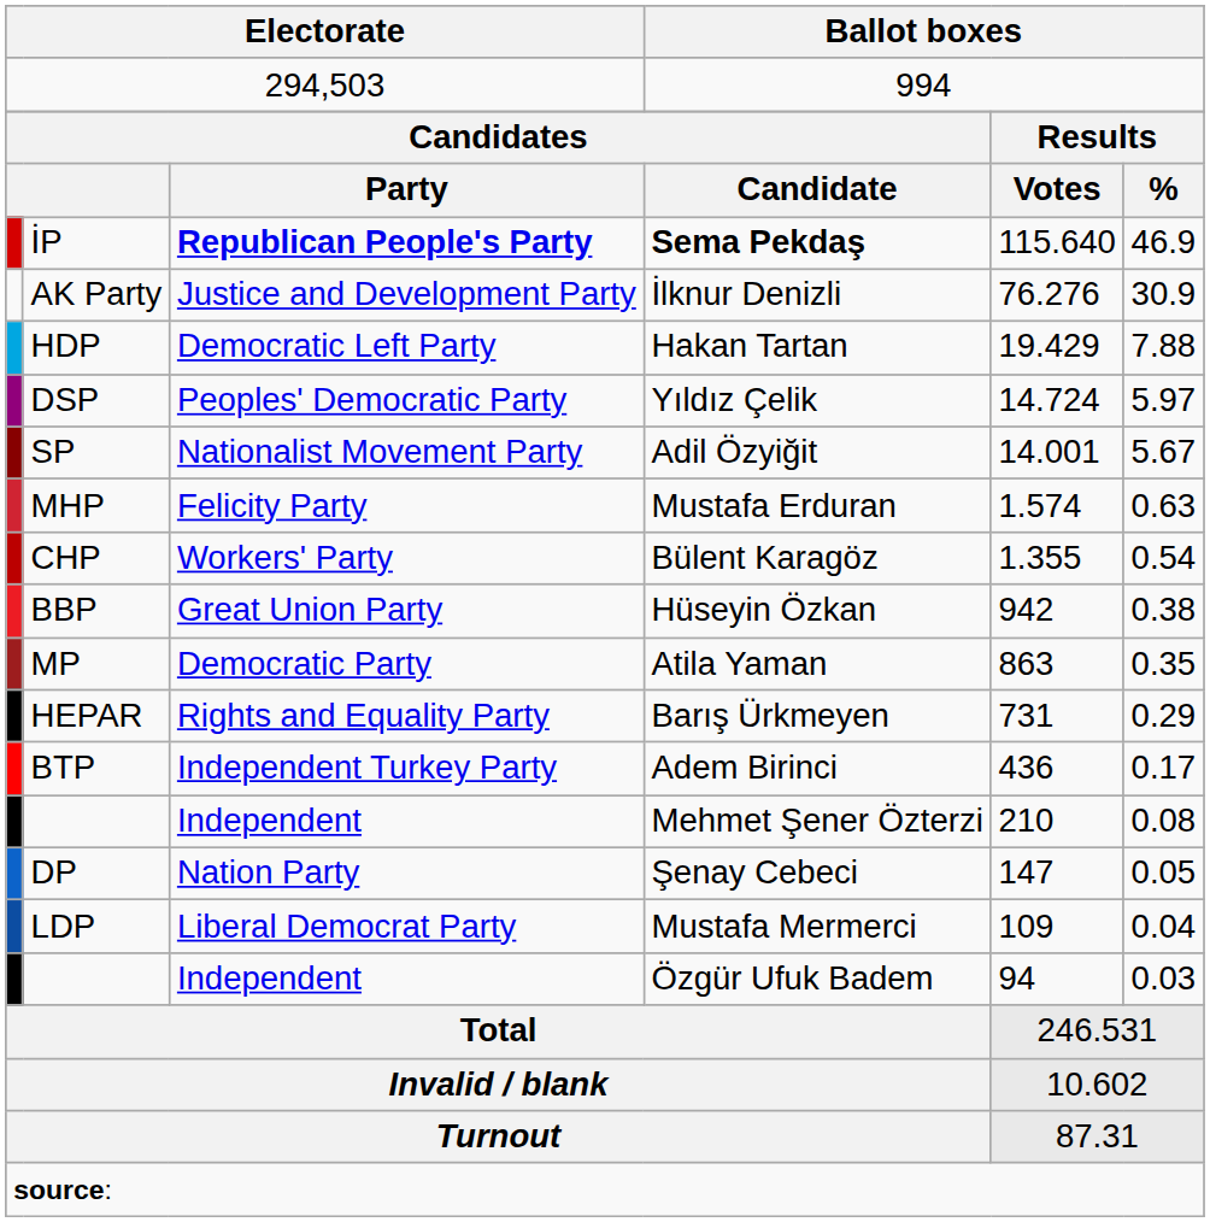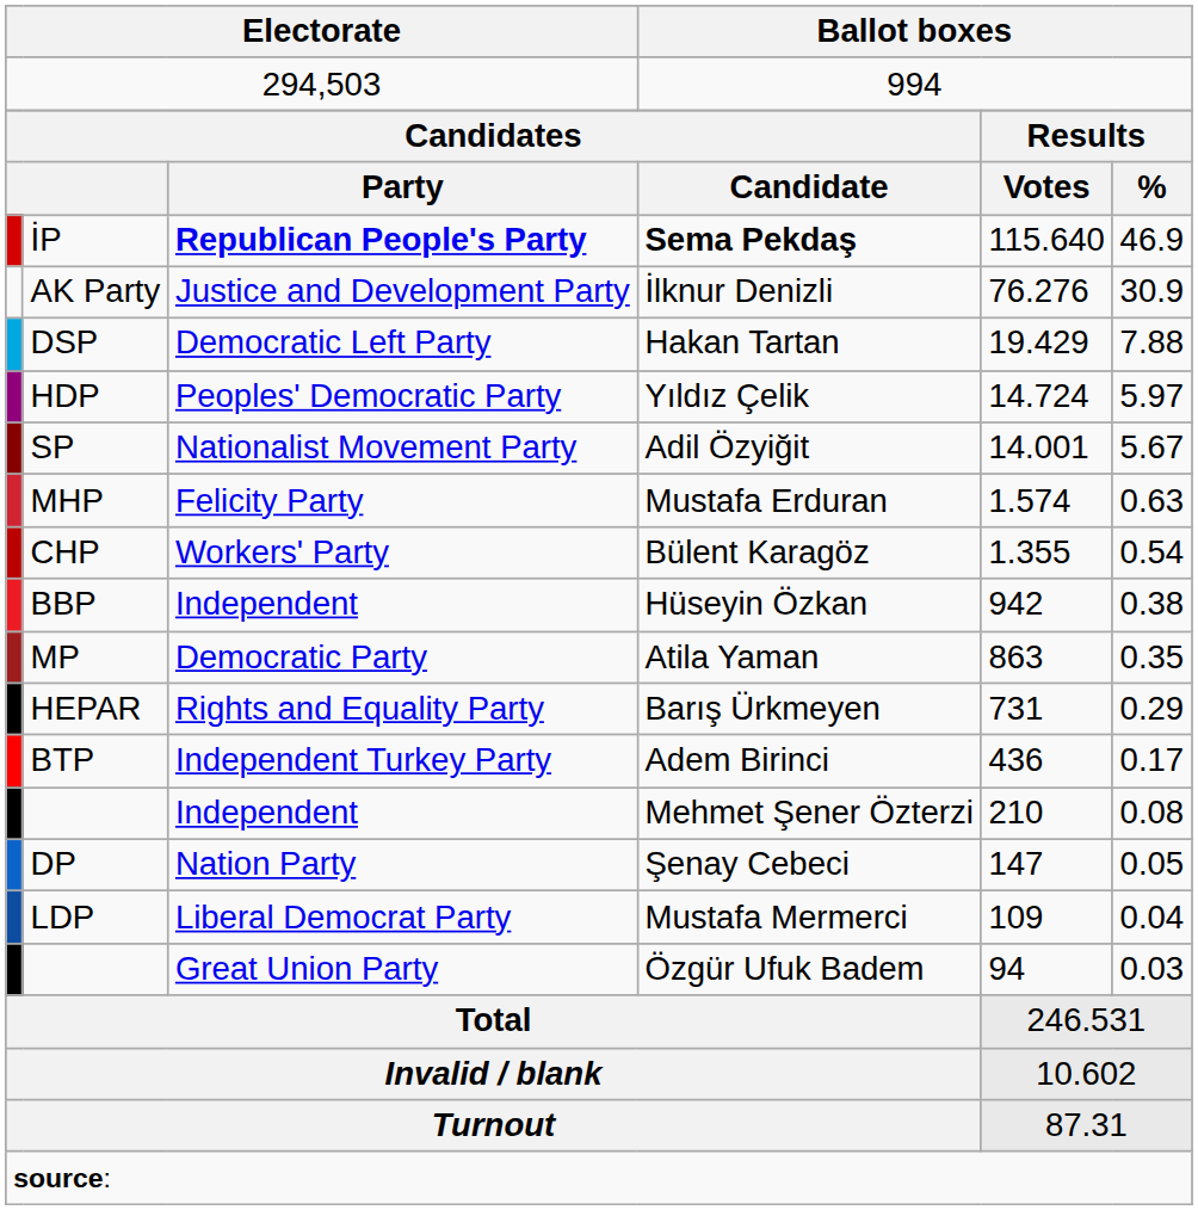 <table class="wikitable">
 <tr style="background-color:#F2F2F2">
 <td align="center" colspan="3"><strong>Electorate</strong></td>
 <td align="center" colspan="7"><strong>Ballot boxes</strong></td>
 </tr>
 <tr align="left">
 <td align="center" colspan="3">294,503</td>
 <td align="center" colspan="7">994</td>
 </tr>
 <tr>
 </tr>
 <tr style="background-color:#E9E9E9">
 </tr>
 <tr>
 <th align="center" colspan="4">Candidates</th>
 <th align="center" colspan="6">Results</th>
 </tr>
 <tr style="background-color:#E9E9E9">
 <th align="center" colspan="2"></th>
 <th align="center">Party</th>
 <th align="center">Candidate</th>
 <th align="center">Votes</th>
 <th align="center">%</th>
 </tr>
 <tr align="left">
 <td bgcolor="#d50000" width=1></td>
 <td>İP</td>
 <td><strong><a href='#'>Republican People's Party</a></strong></td>
 <td><strong>Sema Pekdaş</strong></td>
 <td>115.640</td>
 <td>46.9</td>
 </tr>
 <tr align="left">
 <td></td>
 <td>AK Party</td>
 <td><a href='#'>Justice and Development Party</a></td>
 <td>İlknur Denizli</td>
 <td>76.276</td>
 <td>30.9</td>
 </tr>
 <tr align="left">
 <td bgcolor="#01A7E1" width=1></td>
-<td>HDP</td>
+<td>DSP</td>
 <td><a href='#'>Democratic Left Party</a></td>
 <td>Hakan Tartan</td>
 <td>19.429</td>
 <td>7.88</td>
 </tr>
 <tr align="left">
 <td bgcolor="#91007B" width=1></td>
-<td>DSP</td>
+<td>HDP</td>
 <td><a href='#'>Peoples' Democratic Party</a></td>
 <td>Yıldız Çelik</td>
 <td>14.724</td>
 <td>5.97</td>
 </tr>
 <tr align="left">
 <td bgcolor="#870000" width=1></td>
 <td>SP</td>
 <td><a href='#'>Nationalist Movement Party</a></td>
 <td>Adil Özyiğit</td>
 <td>14.001</td>
 <td>5.67</td>
 </tr>
 <tr align="left">
 <td bgcolor="#D02433" width=1></td>
 <td>MHP</td>
 <td><a href='#'>Felicity Party</a></td>
 <td>Mustafa Erduran</td>
 <td>1.574</td>
 <td>0.63</td>
 </tr>
 <tr align="left">
 <td bgcolor="#BB0000" width=1></td>
 <td>CHP</td>
 <td><a href='#'>Workers' Party</a></td>
 <td>Bülent Karagöz</td>
 <td>1.355</td>
 <td>0.54</td>
 </tr>
 <tr align="left">
 <td bgcolor="#ED1C24" width=1></td>
 <td>BBP</td>
-<td><a href='#'>Great Union Party</a></td>
+<td><a href='#'>Independent</a></td>
 <td>Hüseyin Özkan</td>
 <td>942</td>
 <td>0.38</td>
 </tr>
 <tr align="left">
 <td bgcolor="#9D1D1E" width=1></td>
 <td>MP</td>
 <td><a href='#'>Democratic Party</a></td>
 <td>Atila Yaman</td>
 <td>863</td>
 <td>0.35</td>
 </tr>
 <tr align="left">
 <td bgcolor="#000000" width=1></td>
 <td>HEPAR</td>
 <td><a href='#'>Rights and Equality Party</a></td>
 <td>Barış Ürkmeyen</td>
 <td>731</td>
 <td>0.29</td>
 </tr>
 <tr align="left">
 <td bgcolor="#FE0000" width=1></td>
 <td>BTP</td>
 <td><a href='#'>Independent Turkey Party</a></td>
 <td>Adem Birinci</td>
 <td>436</td>
 <td>0.17</td>
 </tr>
 <tr align="left">
 <td bgcolor=" " width=1></td>
 <td></td>
 <td><a href='#'>Independent</a></td>
 <td>Mehmet Şener Özterzi</td>
 <td>210</td>
 <td>0.08</td>
 </tr>
 <tr align="left">
 <td bgcolor="#0C63CA" width=1></td>
 <td>DP</td>
 <td><a href='#'>Nation Party</a></td>
 <td>Şenay Cebeci</td>
 <td>147</td>
 <td>0.05</td>
 </tr>
 <tr align="left">
 <td bgcolor="#0C4DA2" width=1></td>
 <td>LDP</td>
 <td><a href='#'>Liberal Democrat Party</a></td>
 <td>Mustafa Mermerci</td>
 <td>109</td>
 <td>0.04</td>
 </tr>
 <tr align="left">
 <td bgcolor=" " width=1></td>
 <td></td>
-<td><a href='#'>Independent</a></td>
+<td><a href='#'>Great Union Party</a></td>
 <td>Özgür Ufuk Badem</td>
 <td>94</td>
 <td>0.03</td>
 </tr>
 <tr style="background-color:#E9E9E9" align="left">
 <th align="center" colspan="4"><strong>Total</strong></th>
 <td align="center" colspan="5">246.531</td>
 </tr>
 <tr style="background-color:#E9E9E9" align="left">
 <th align="center" colspan="4"><em>Invalid / blank</em></th>
 <td align="center" colspan="5">10.602</td>
 </tr>
 <tr style="background-color:#E9E9E9" align="left">
 <th align="center" colspan="4"><em>Turnout</em></th>
 <td align="center" colspan="5">87.31</td>
 </tr>
 <tr>
 <td align="left" colspan=10><small><strong>source</strong>: </small></td>
 </tr>
 </table>
